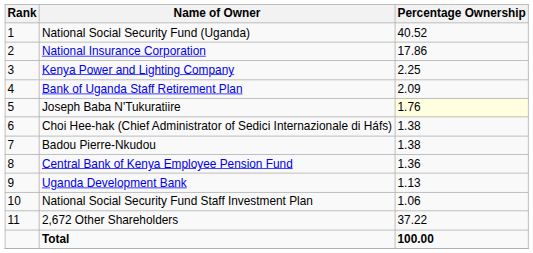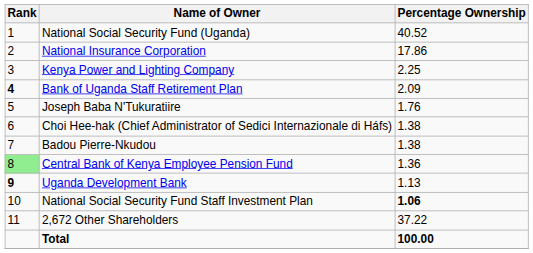 <table class="wikitable sortable" style="margin:0.5em auto">
 <tr>
 <th style="width:2em;">Rank</th>
 <th>Name of Owner</th>
 <th>Percentage Ownership</th>
 </tr>
 <tr>
 <td>1</td>
 <td>National Social Security Fund (Uganda)</td>
 <td>40.52</td>
 </tr>
 <tr>
 <td>2</td>
 <td><a href='#'>National Insurance Corporation</a></td>
 <td>17.86</td>
 </tr>
 <tr>
 <td>3</td>
 <td><a href='#'>Kenya Power and Lighting Company</a></td>
 <td>2.25</td>
 </tr>
 <tr>
-<td>4</td>
+<td><strong>4</strong></td>
 <td><a href='#'>Bank of Uganda Staff Retirement Plan</a></td>
 <td>2.09</td>
 </tr>
 <tr>
 <td>5</td>
 <td>Joseph Baba N'Tukuratiire</td>
-<td style="background: lightyellow;">1.76</td>
+<td>1.76</td>
 </tr>
 <tr>
 <td>6</td>
 <td>Choi Hee-hak (Chief Administrator of Sedici Internazionale di Háfs)</td>
 <td>1.38</td>
 </tr>
 <tr>
 <td>7</td>
 <td>Badou Pierre-Nkudou</td>
 <td>1.38</td>
 </tr>
 <tr>
-<td>8</td>
+<td style="background: lightgreen;">8</td>
 <td><a href='#'>Central Bank of Kenya Employee Pension Fund</a></td>
 <td>1.36</td>
 </tr>
 <tr>
-<td>9</td>
+<td><strong>9</strong></td>
 <td><a href='#'>Uganda Development Bank</a></td>
 <td>1.13</td>
 </tr>
 <tr>
 <td>10</td>
 <td>National Social Security Fund Staff Investment Plan</td>
-<td>1.06</td>
+<td><strong>1.06</strong></td>
 </tr>
 <tr>
 <td>11</td>
 <td>2,672 Other Shareholders</td>
 <td>37.22</td>
 </tr>
 <tr>
 <td></td>
 <td><strong>Total</strong></td>
 <td><strong>100.00</strong></td>
 </tr>
 <tr>
 </tr>
 </table>
